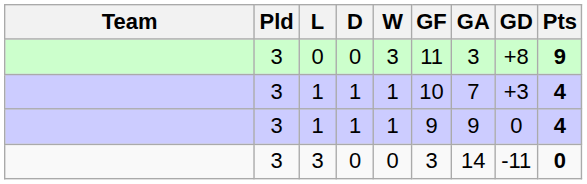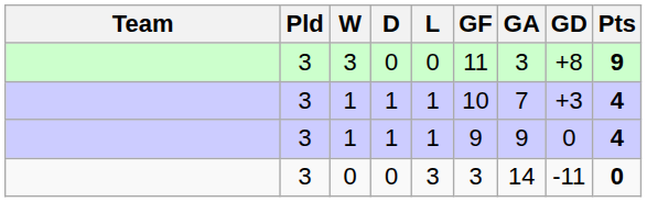 <table class="wikitable" style="text-align: center;">
 <tr>
 <th style="width:175px;">Team</th>
 <th width="20">Pld</th>
+<th width="20">W</th>
+<th width="20">D</th>
 <th width="20">L</th>
-<th width="20">D</th>
-<th width="20">W</th>
 <th width="20">GF</th>
 <th width="20">GA</th>
 <th width="20">GD</th>
 <th width="20">Pts</th>
 </tr>
 <tr style="background:#cfc;">
 <td style="text-align:left;"></td>
 <td>3</td>
+<td>3</td>
 <td>0</td>
 <td>0</td>
-<td>3</td>
 <td>11</td>
 <td>3</td>
 <td>+8</td>
 <td><strong>9</strong></td>
 </tr>
 <tr style="background:#ccf;">
 <td style="text-align:left;"></td>
 <td>3</td>
 <td>1</td>
 <td>1</td>
 <td>1</td>
 <td>10</td>
 <td>7</td>
 <td>+3</td>
 <td><strong>4</strong></td>
 </tr>
 <tr style="background:#ccf;">
 <td style="text-align:left;"></td>
 <td>3</td>
 <td>1</td>
 <td>1</td>
 <td>1</td>
 <td>9</td>
 <td>9</td>
 <td>0</td>
 <td><strong>4</strong></td>
 </tr>
 <tr>
 <td style="text-align:left;"></td>
 <td>3</td>
-<td>3</td>
 <td>0</td>
 <td>0</td>
+<td>3</td>
 <td>3</td>
 <td>14</td>
 <td>-11</td>
 <td><strong>0</strong></td>
 </tr>
 </table>
